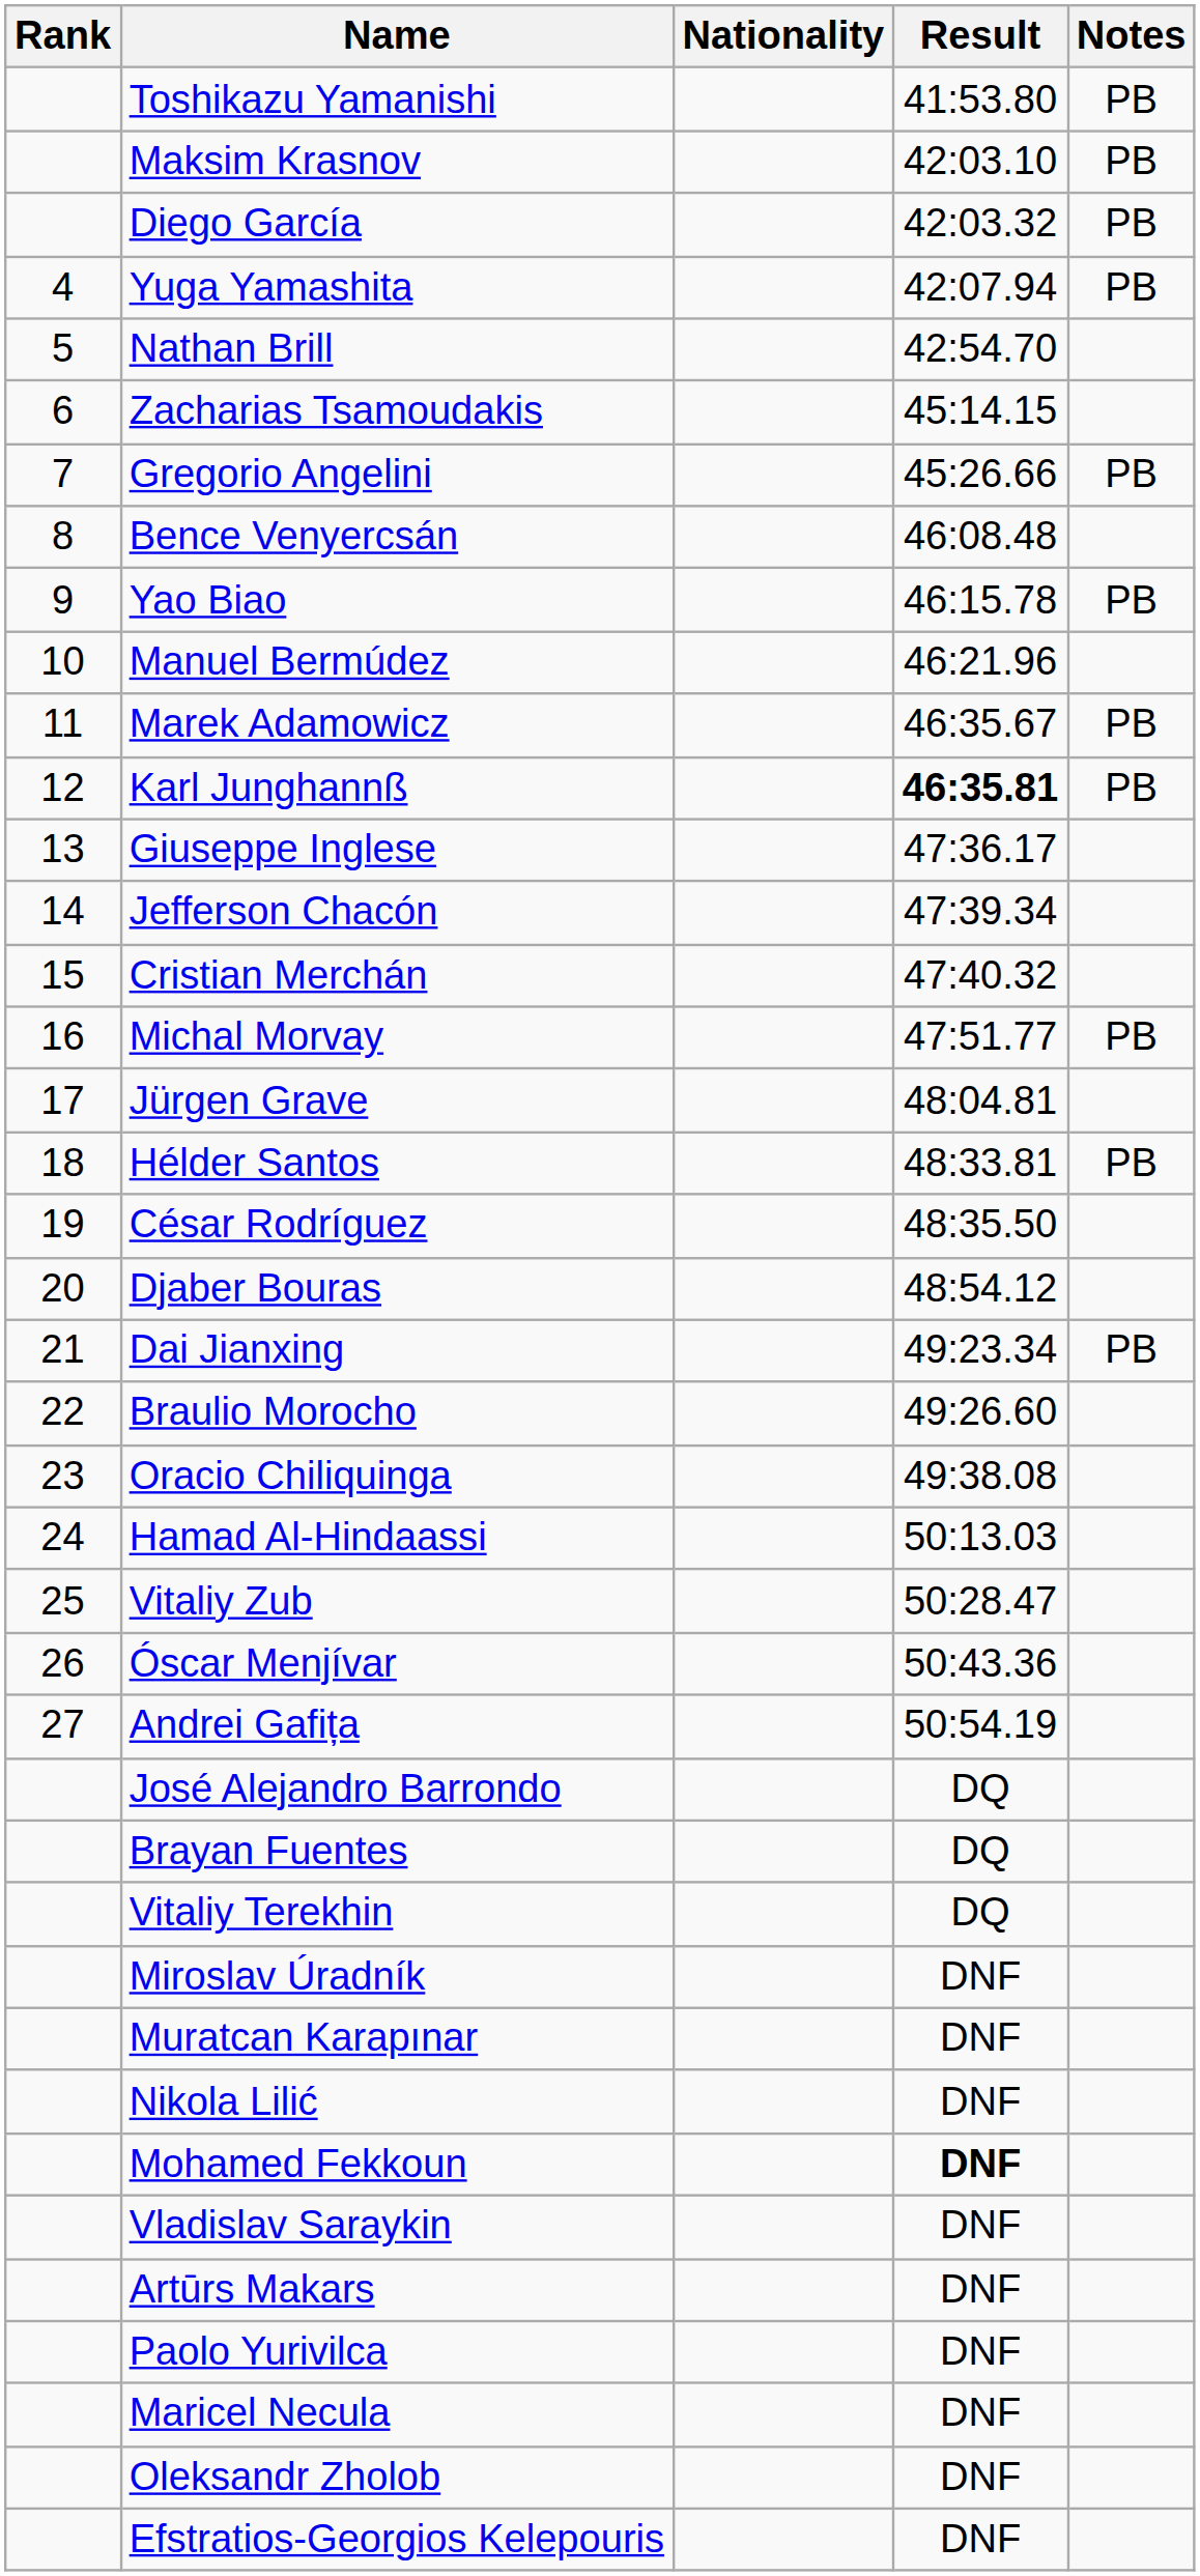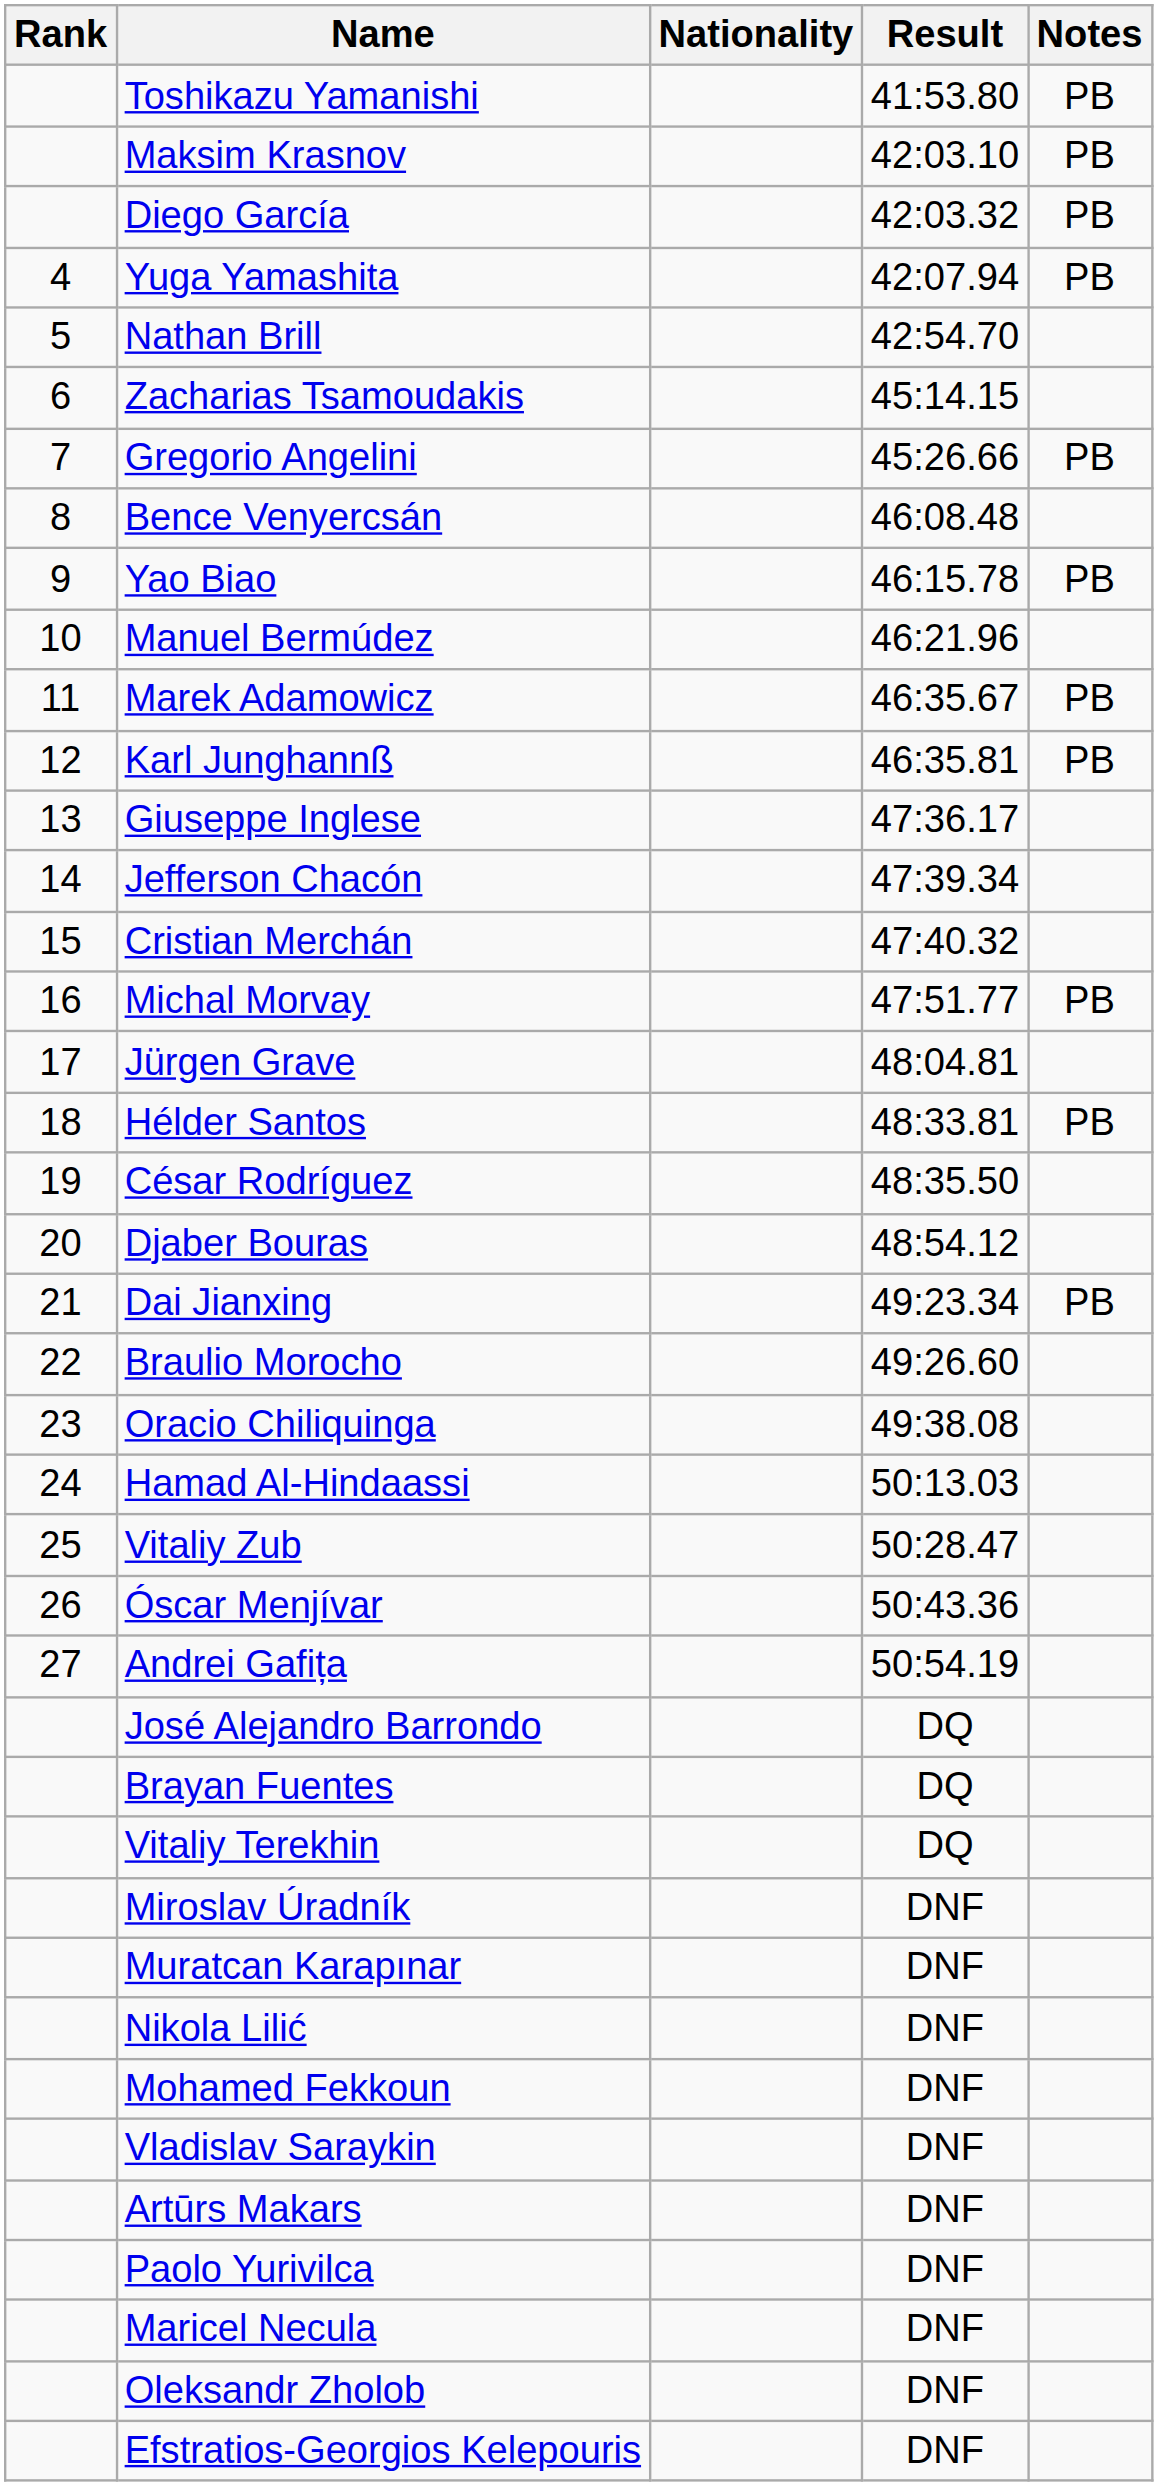 <table class="wikitable sortable" style="text-align:center">
 <tr>
 <th>Rank</th>
 <th>Name</th>
 <th>Nationality</th>
 <th>Result</th>
 <th>Notes</th>
 </tr>
 <tr>
 <td></td>
 <td align=left><a href='#'>Toshikazu Yamanishi</a></td>
 <td align=left></td>
 <td>41:53.80</td>
 <td>PB</td>
 </tr>
 <tr>
 <td></td>
 <td align=left><a href='#'>Maksim Krasnov</a></td>
 <td align=left></td>
 <td>42:03.10</td>
 <td>PB</td>
 </tr>
 <tr>
 <td></td>
 <td align=left><a href='#'>Diego García</a></td>
 <td align=left></td>
 <td>42:03.32</td>
 <td>PB</td>
 </tr>
 <tr>
 <td>4</td>
 <td align=left><a href='#'>Yuga Yamashita</a></td>
 <td align=left></td>
 <td>42:07.94</td>
 <td>PB</td>
 </tr>
 <tr>
 <td>5</td>
 <td align=left><a href='#'>Nathan Brill</a></td>
 <td align=left></td>
 <td>42:54.70</td>
 <td></td>
 </tr>
 <tr>
 <td>6</td>
 <td align=left><a href='#'>Zacharias Tsamoudakis</a></td>
 <td align=left></td>
 <td>45:14.15</td>
 <td></td>
 </tr>
 <tr>
 <td>7</td>
 <td align=left><a href='#'>Gregorio Angelini</a></td>
 <td align=left></td>
 <td>45:26.66</td>
 <td>PB</td>
 </tr>
 <tr>
 <td>8</td>
 <td align=left><a href='#'>Bence Venyercsán</a></td>
 <td align=left></td>
 <td>46:08.48</td>
 <td></td>
 </tr>
 <tr>
 <td>9</td>
 <td align=left><a href='#'>Yao Biao</a></td>
 <td align=left></td>
 <td>46:15.78</td>
 <td>PB</td>
 </tr>
 <tr>
 <td>10</td>
 <td align=left><a href='#'>Manuel Bermúdez</a></td>
 <td align=left></td>
 <td>46:21.96</td>
 <td></td>
 </tr>
 <tr>
 <td>11</td>
 <td align=left><a href='#'>Marek Adamowicz</a></td>
 <td align=left></td>
 <td>46:35.67</td>
 <td>PB</td>
 </tr>
 <tr>
 <td>12</td>
 <td align=left><a href='#'>Karl Junghannß</a></td>
 <td align=left></td>
-<td><strong>46:35.81</strong></td>
+<td>46:35.81</td>
 <td>PB</td>
 </tr>
 <tr>
 <td>13</td>
 <td align=left><a href='#'>Giuseppe Inglese</a></td>
 <td align=left></td>
 <td>47:36.17</td>
 <td></td>
 </tr>
 <tr>
 <td>14</td>
 <td align=left><a href='#'>Jefferson Chacón</a></td>
 <td align=left></td>
 <td>47:39.34</td>
 <td></td>
 </tr>
 <tr>
 <td>15</td>
 <td align=left><a href='#'>Cristian Merchán</a></td>
 <td align=left></td>
 <td>47:40.32</td>
 <td></td>
 </tr>
 <tr>
 <td>16</td>
 <td align=left><a href='#'>Michal Morvay</a></td>
 <td align=left></td>
 <td>47:51.77</td>
 <td>PB</td>
 </tr>
 <tr>
 <td>17</td>
 <td align=left><a href='#'>Jürgen Grave</a></td>
 <td align=left></td>
 <td>48:04.81</td>
 <td></td>
 </tr>
 <tr>
 <td>18</td>
 <td align=left><a href='#'>Hélder Santos</a></td>
 <td align=left></td>
 <td>48:33.81</td>
 <td>PB</td>
 </tr>
 <tr>
 <td>19</td>
 <td align=left><a href='#'>César Rodríguez</a></td>
 <td align=left></td>
 <td>48:35.50</td>
 <td></td>
 </tr>
 <tr>
 <td>20</td>
 <td align=left><a href='#'>Djaber Bouras</a></td>
 <td align=left></td>
 <td>48:54.12</td>
 <td></td>
 </tr>
 <tr>
 <td>21</td>
 <td align=left><a href='#'>Dai Jianxing</a></td>
 <td align=left></td>
 <td>49:23.34</td>
 <td>PB</td>
 </tr>
 <tr>
 <td>22</td>
 <td align=left><a href='#'>Braulio Morocho</a></td>
 <td align=left></td>
 <td>49:26.60</td>
 <td></td>
 </tr>
 <tr>
 <td>23</td>
 <td align=left><a href='#'>Oracio Chiliquinga</a></td>
 <td align=left></td>
 <td>49:38.08</td>
 <td></td>
 </tr>
 <tr>
 <td>24</td>
 <td align=left><a href='#'>Hamad Al-Hindaassi</a></td>
 <td align=left></td>
 <td>50:13.03</td>
 <td></td>
 </tr>
 <tr>
 <td>25</td>
 <td align=left><a href='#'>Vitaliy Zub</a></td>
 <td align=left></td>
 <td>50:28.47</td>
 <td></td>
 </tr>
 <tr>
 <td>26</td>
 <td align=left><a href='#'>Óscar Menjívar</a></td>
 <td align=left></td>
 <td>50:43.36</td>
 <td></td>
 </tr>
 <tr>
 <td>27</td>
 <td align=left><a href='#'>Andrei Gafița</a></td>
 <td align=left></td>
 <td>50:54.19</td>
 <td></td>
 </tr>
 <tr>
 <td></td>
 <td align=left><a href='#'>José Alejandro Barrondo</a></td>
 <td align=left></td>
 <td>DQ</td>
 <td></td>
 </tr>
 <tr>
 <td></td>
 <td align=left><a href='#'>Brayan Fuentes</a></td>
 <td align=left></td>
 <td>DQ</td>
 <td></td>
 </tr>
 <tr>
 <td></td>
 <td align=left><a href='#'>Vitaliy Terekhin</a></td>
 <td align=left></td>
 <td>DQ</td>
 <td></td>
 </tr>
 <tr>
 <td></td>
 <td align=left><a href='#'>Miroslav Úradník</a></td>
 <td align=left></td>
 <td>DNF</td>
 <td></td>
 </tr>
 <tr>
 <td></td>
 <td align=left><a href='#'>Muratcan Karapınar</a></td>
 <td align=left></td>
 <td>DNF</td>
 <td></td>
 </tr>
 <tr>
 <td></td>
 <td align=left><a href='#'>Nikola Lilić</a></td>
 <td align=left></td>
 <td>DNF</td>
 <td></td>
 </tr>
 <tr>
 <td></td>
 <td align=left><a href='#'>Mohamed Fekkoun</a></td>
 <td align=left></td>
-<td><strong>DNF</strong></td>
+<td>DNF</td>
 <td></td>
 </tr>
 <tr>
 <td></td>
 <td align=left><a href='#'>Vladislav Saraykin</a></td>
 <td align=left></td>
 <td>DNF</td>
 <td></td>
 </tr>
 <tr>
 <td></td>
 <td align=left><a href='#'>Artūrs Makars</a></td>
 <td align=left></td>
 <td>DNF</td>
 <td></td>
 </tr>
 <tr>
 <td></td>
 <td align=left><a href='#'>Paolo Yurivilca</a></td>
 <td align=left></td>
 <td>DNF</td>
 <td></td>
 </tr>
 <tr>
 <td></td>
 <td align=left><a href='#'>Maricel Necula</a></td>
 <td align=left></td>
 <td>DNF</td>
 <td></td>
 </tr>
 <tr>
 <td></td>
 <td align=left><a href='#'>Oleksandr Zholob</a></td>
 <td align=left></td>
 <td>DNF</td>
 <td></td>
 </tr>
 <tr>
 <td></td>
 <td align=left><a href='#'>Efstratios-Georgios Kelepouris</a></td>
 <td align=left></td>
 <td>DNF</td>
 <td></td>
 </tr>
 </table>
